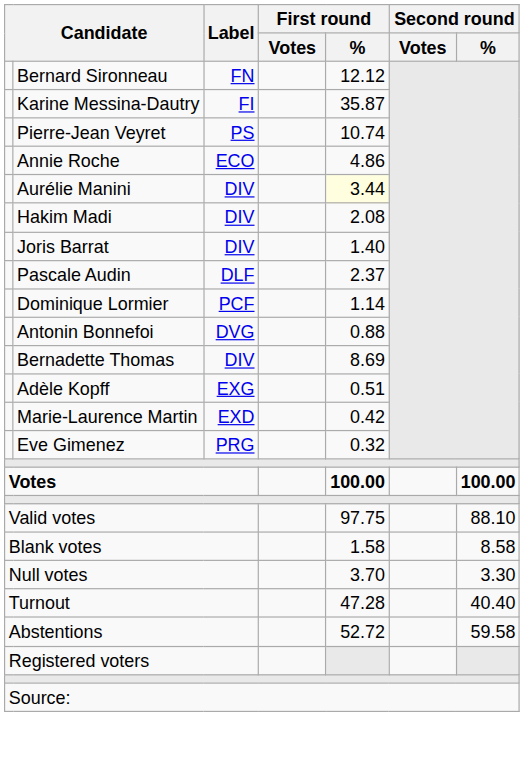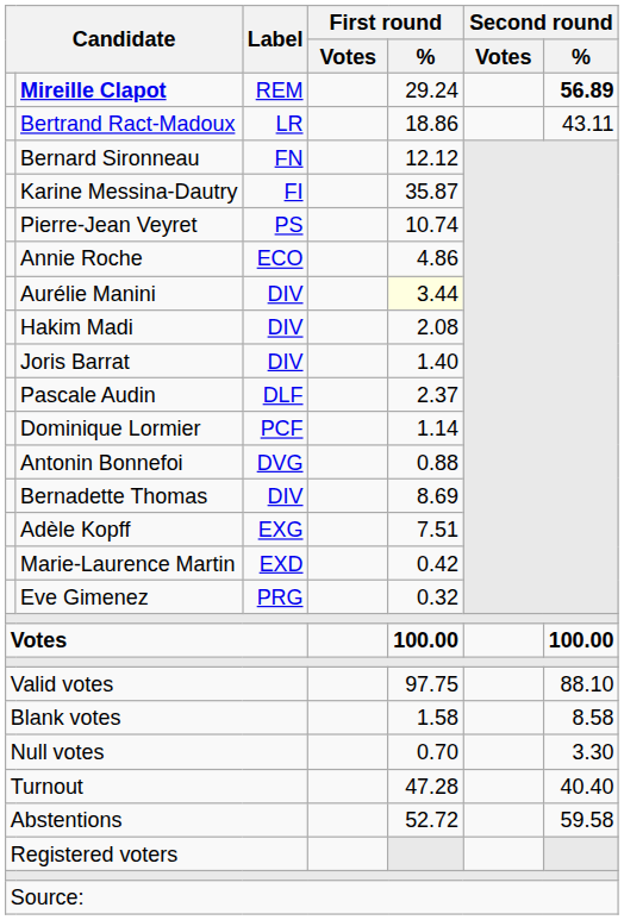 <table class="wikitable" style="text-align:right;font-size:95%;">
 <tr>
 <th rowspan="2" colspan="2">Candidate</th>
 <th rowspan="2">Label</th>
 <th colspan="2">First round</th>
 <th colspan="2">Second round</th>
 </tr>
 <tr>
 <th style="width:50px;">Votes</th>
 <th style="width:45px;">%</th>
 <th style="width:50px;">Votes</th>
 <th style="width:45px;">%</th>
+</tr>
+<tr>
+<td style="color:inherit;background:"></td>
+<td style="text-align:left;"><strong><a href='#'>Mireille Clapot</a></strong></td>
+<td><a href='#'>REM</a></td>
+<td></td>
+<td>29.24</td>
+<td><strong></strong></td>
+<td><strong>56.89</strong></td>
+</tr>
+<tr>
+<td style="color:inherit;background:"></td>
+<td style="text-align:left;"><a href='#'>Bertrand Ract-Madoux</a></td>
+<td><a href='#'>LR</a></td>
+<td></td>
+<td>18.86</td>
+<td></td>
+<td>43.11</td>
 </tr>
 <tr>
 <td style="color:inherit;background:"></td>
 <td style="text-align:left;">Bernard Sironneau</td>
 <td><a href='#'>FN</a></td>
 <td></td>
 <td>12.12</td>
 <td colspan="2" rowspan="14" style="background:#E9E9E9;"></td>
 </tr>
 <tr>
 <td style="color:inherit;background:"></td>
 <td style="text-align:left;">Karine Messina-Dautry</td>
 <td><a href='#'>FI</a></td>
 <td></td>
 <td>35.87</td>
 </tr>
 <tr>
 <td style="color:inherit;background:"></td>
 <td style="text-align:left;">Pierre-Jean Veyret</td>
 <td><a href='#'>PS</a></td>
 <td></td>
 <td>10.74</td>
 </tr>
 <tr>
 <td style="color:inherit;background:"></td>
 <td style="text-align:left;">Annie Roche</td>
 <td><a href='#'>ECO</a></td>
 <td></td>
 <td>4.86</td>
 </tr>
 <tr>
 <td style="color:inherit;background:"></td>
 <td style="text-align:left;">Aurélie Manini</td>
 <td><a href='#'>DIV</a></td>
 <td></td>
 <td style="background: lightyellow;">3.44</td>
 </tr>
 <tr>
 <td style="color:inherit;background:"></td>
 <td style="text-align:left;">Hakim Madi</td>
 <td><a href='#'>DIV</a></td>
 <td></td>
 <td>2.08</td>
 </tr>
 <tr>
 <td style="color:inherit;background:"></td>
 <td style="text-align:left;">Joris Barrat</td>
 <td><a href='#'>DIV</a></td>
 <td></td>
 <td>1.40</td>
 </tr>
 <tr>
 <td style="color:inherit;background:"></td>
 <td style="text-align:left;">Pascale Audin</td>
 <td><a href='#'>DLF</a></td>
 <td></td>
 <td>2.37</td>
 </tr>
 <tr>
 <td style="color:inherit;background:"></td>
 <td style="text-align:left;">Dominique Lormier</td>
 <td><a href='#'>PCF</a></td>
 <td></td>
 <td>1.14</td>
 </tr>
 <tr>
 <td style="color:inherit;background:"></td>
 <td style="text-align:left;">Antonin Bonnefoi</td>
 <td><a href='#'>DVG</a></td>
 <td></td>
 <td>0.88</td>
 </tr>
 <tr>
 <td style="color:inherit;background:"></td>
 <td style="text-align:left;">Bernadette Thomas</td>
 <td><a href='#'>DIV</a></td>
 <td></td>
 <td>8.69</td>
 </tr>
 <tr>
 <td style="color:inherit;background:"></td>
 <td style="text-align:left;">Adèle Kopff</td>
 <td><a href='#'>EXG</a></td>
 <td></td>
-<td>0.51</td>
+<td>7.51</td>
 </tr>
 <tr>
 <td style="color:inherit;background:"></td>
 <td style="text-align:left;">Marie-Laurence Martin</td>
 <td><a href='#'>EXD</a></td>
 <td></td>
 <td>0.42</td>
 </tr>
 <tr>
 <td style="color:inherit;background:"></td>
 <td style="text-align:left;">Eve Gimenez</td>
 <td><a href='#'>PRG</a></td>
 <td></td>
 <td>0.32</td>
 </tr>
 <tr>
 <td colspan="7" style="background:#E9E9E9;"></td>
 </tr>
 <tr style="font-weight:bold;">
 <td colspan="3" style="text-align:left;">Votes</td>
 <td></td>
 <td>100.00</td>
 <td></td>
 <td>100.00</td>
 </tr>
 <tr>
 <td colspan="7" style="background:#E9E9E9;"></td>
 </tr>
 <tr>
 <td colspan="3" style="text-align:left;">Valid votes</td>
 <td></td>
 <td>97.75</td>
 <td></td>
 <td>88.10</td>
 </tr>
 <tr>
 <td colspan="3" style="text-align:left;">Blank votes</td>
 <td></td>
 <td>1.58</td>
 <td></td>
 <td>8.58</td>
 </tr>
 <tr>
 <td colspan="3" style="text-align:left;">Null votes</td>
 <td></td>
-<td>3.70</td>
+<td>0.70</td>
 <td></td>
 <td>3.30</td>
 </tr>
 <tr>
 <td colspan="3" style="text-align:left;">Turnout</td>
 <td></td>
 <td>47.28</td>
 <td></td>
 <td>40.40</td>
 </tr>
 <tr>
 <td colspan="3" style="text-align:left;">Abstentions</td>
 <td></td>
 <td>52.72</td>
 <td></td>
 <td>59.58</td>
 </tr>
 <tr>
 <td colspan="3" style="text-align:left;">Registered voters</td>
 <td></td>
 <td style="color:inherit;background:#E9E9E9;"></td>
 <td></td>
 <td style="color:inherit;background:#E9E9E9;"></td>
 </tr>
 <tr>
 <td colspan="7" style="background:#E9E9E9;"></td>
 </tr>
 <tr>
 <td colspan="7" style="text-align:left;">Source: </td>
 </tr>
 </table>
